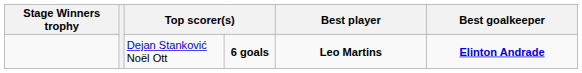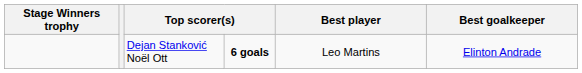 <table class="wikitable" style="text-align: center; font-size: 95%;">
 <tr>
 <th width=150>Stage Winners trophy</th>
 <th rowspan=2></th>
 <th colspan=2 width=200>Top scorer(s)</th>
 <th width=200>Best player</th>
 <th width=200>Best goalkeeper</th>
 </tr>
 <tr align=center style="background:">
 <td style="text-align:center;" height=40></td>
 <td align=left> <a href='#'>Dejan Stanković</a><br> Noël Ott</td>
 <td><strong>6 goals</strong></td>
-<td><strong> Leo Martins</strong></td>
-<td><strong> <a href='#'>Elinton Andrade</a></strong></td>
+<td> Leo Martins</td>
+<td> <a href='#'>Elinton Andrade</a></td>
 </tr>
 </table>
